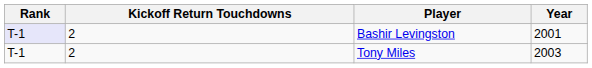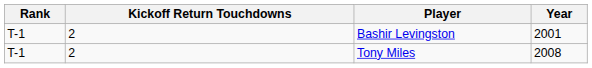 <table class="wikitable" style="width:60%;">
 <tr>
 <th>Rank</th>
 <th>Kickoff Return Touchdowns</th>
 <th>Player</th>
 <th>Year</th>
 </tr>
 <tr>
-<td style="background: lavender;">T-1</td>
+<td>T-1</td>
 <td>2</td>
 <td><a href='#'>Bashir Levingston</a></td>
 <td>2001</td>
 </tr>
 <tr>
 <td>T-1</td>
 <td>2</td>
 <td><a href='#'>Tony Miles</a></td>
-<td>2003</td>
+<td>2008</td>
 </tr>
 </table>
